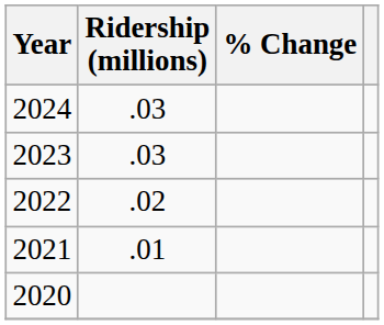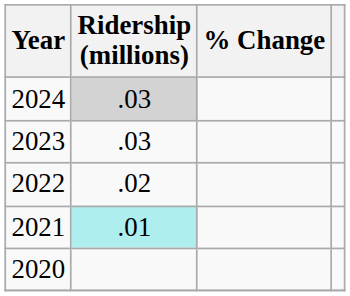 <table class="wikitable" style="text-align:center; margin:5px; ">
 <tr>
 <th>Year</th>
 <th>Ridership<br>(millions)</th>
 <th>% Change</th>
 <th></th>
 </tr>
 <tr>
 <td>2024</td>
-<td>.03</td>
+<td style="background: lightgrey;">.03</td>
 <td></td>
 <td></td>
 </tr>
 <tr>
 <td>2023</td>
 <td>.03</td>
 <td></td>
 <td></td>
 </tr>
 <tr>
 <td>2022</td>
 <td>.02</td>
 <td></td>
 <td></td>
 </tr>
 <tr>
 <td>2021</td>
-<td>.01</td>
+<td style="background: paleturquoise;">.01</td>
 <td></td>
 <td></td>
 </tr>
 <tr>
 <td>2020</td>
 <td></td>
 <td> </td>
 <td></td>
 </tr>
 <tr>
 </tr>
 </table>
